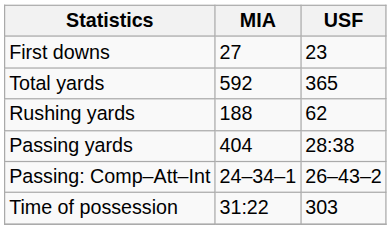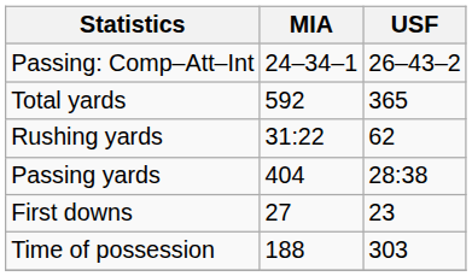 <table class="wikitable" style="float: left;">
 <tr>
 <th>Statistics</th>
 <th>MIA</th>
 <th>USF</th>
 </tr>
 <tr>
-<td>First downs</td>
-<td>27</td>
-<td>23</td>
+<td>Passing: Comp–Att–Int</td>
+<td>24–34–1</td>
+<td>26–43–2</td>
 </tr>
 <tr>
 <td>Total yards</td>
 <td>592</td>
 <td>365</td>
 </tr>
 <tr>
 <td>Rushing yards</td>
-<td>188</td>
+<td>31:22</td>
 <td>62</td>
 </tr>
 <tr>
 <td>Passing yards</td>
 <td>404</td>
 <td>28:38</td>
 </tr>
 <tr>
-<td>Passing: Comp–Att–Int</td>
-<td>24–34–1</td>
-<td>26–43–2</td>
+<td>First downs</td>
+<td>27</td>
+<td>23</td>
 </tr>
 <tr>
 <td>Time of possession</td>
-<td>31:22</td>
+<td>188</td>
 <td>303</td>
 </tr>
 <tr>
 </tr>
 </table>
